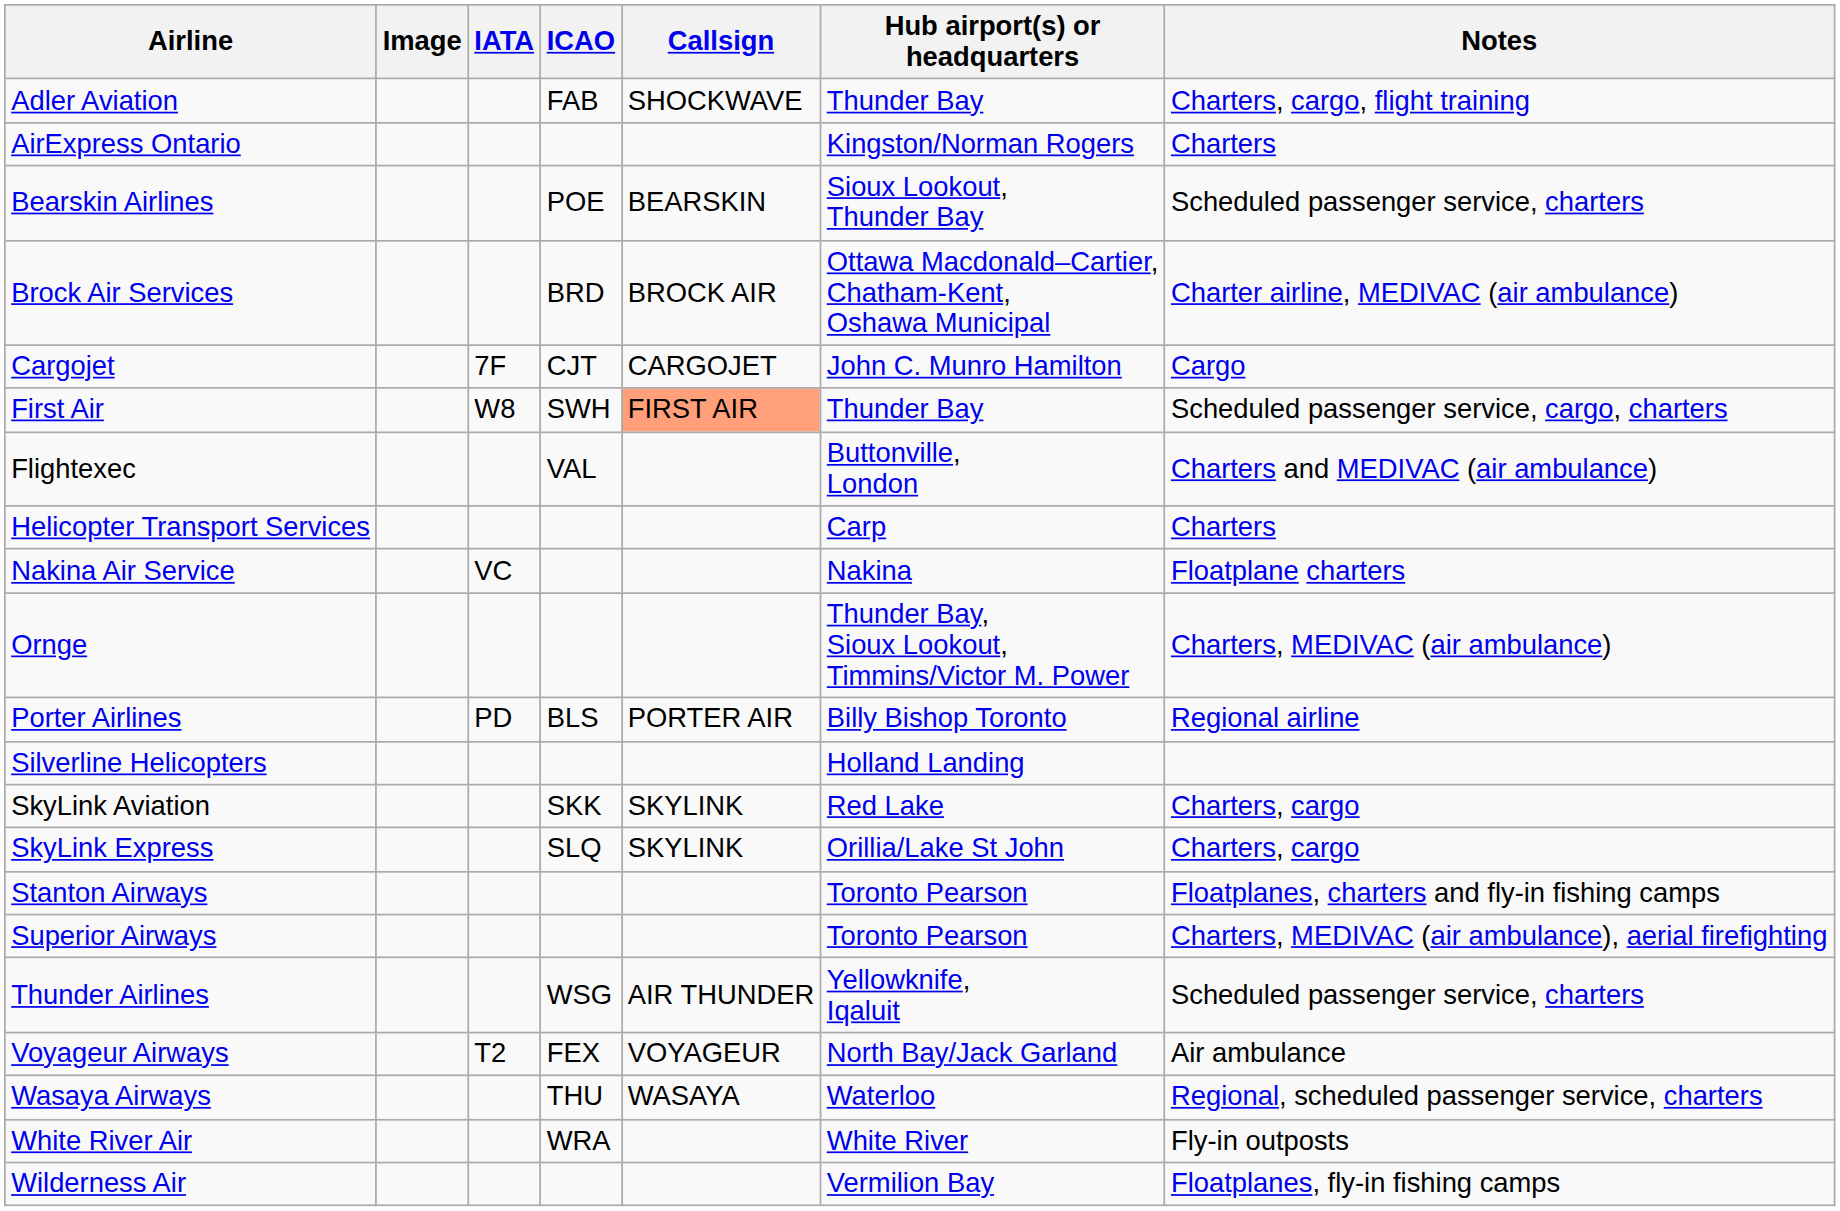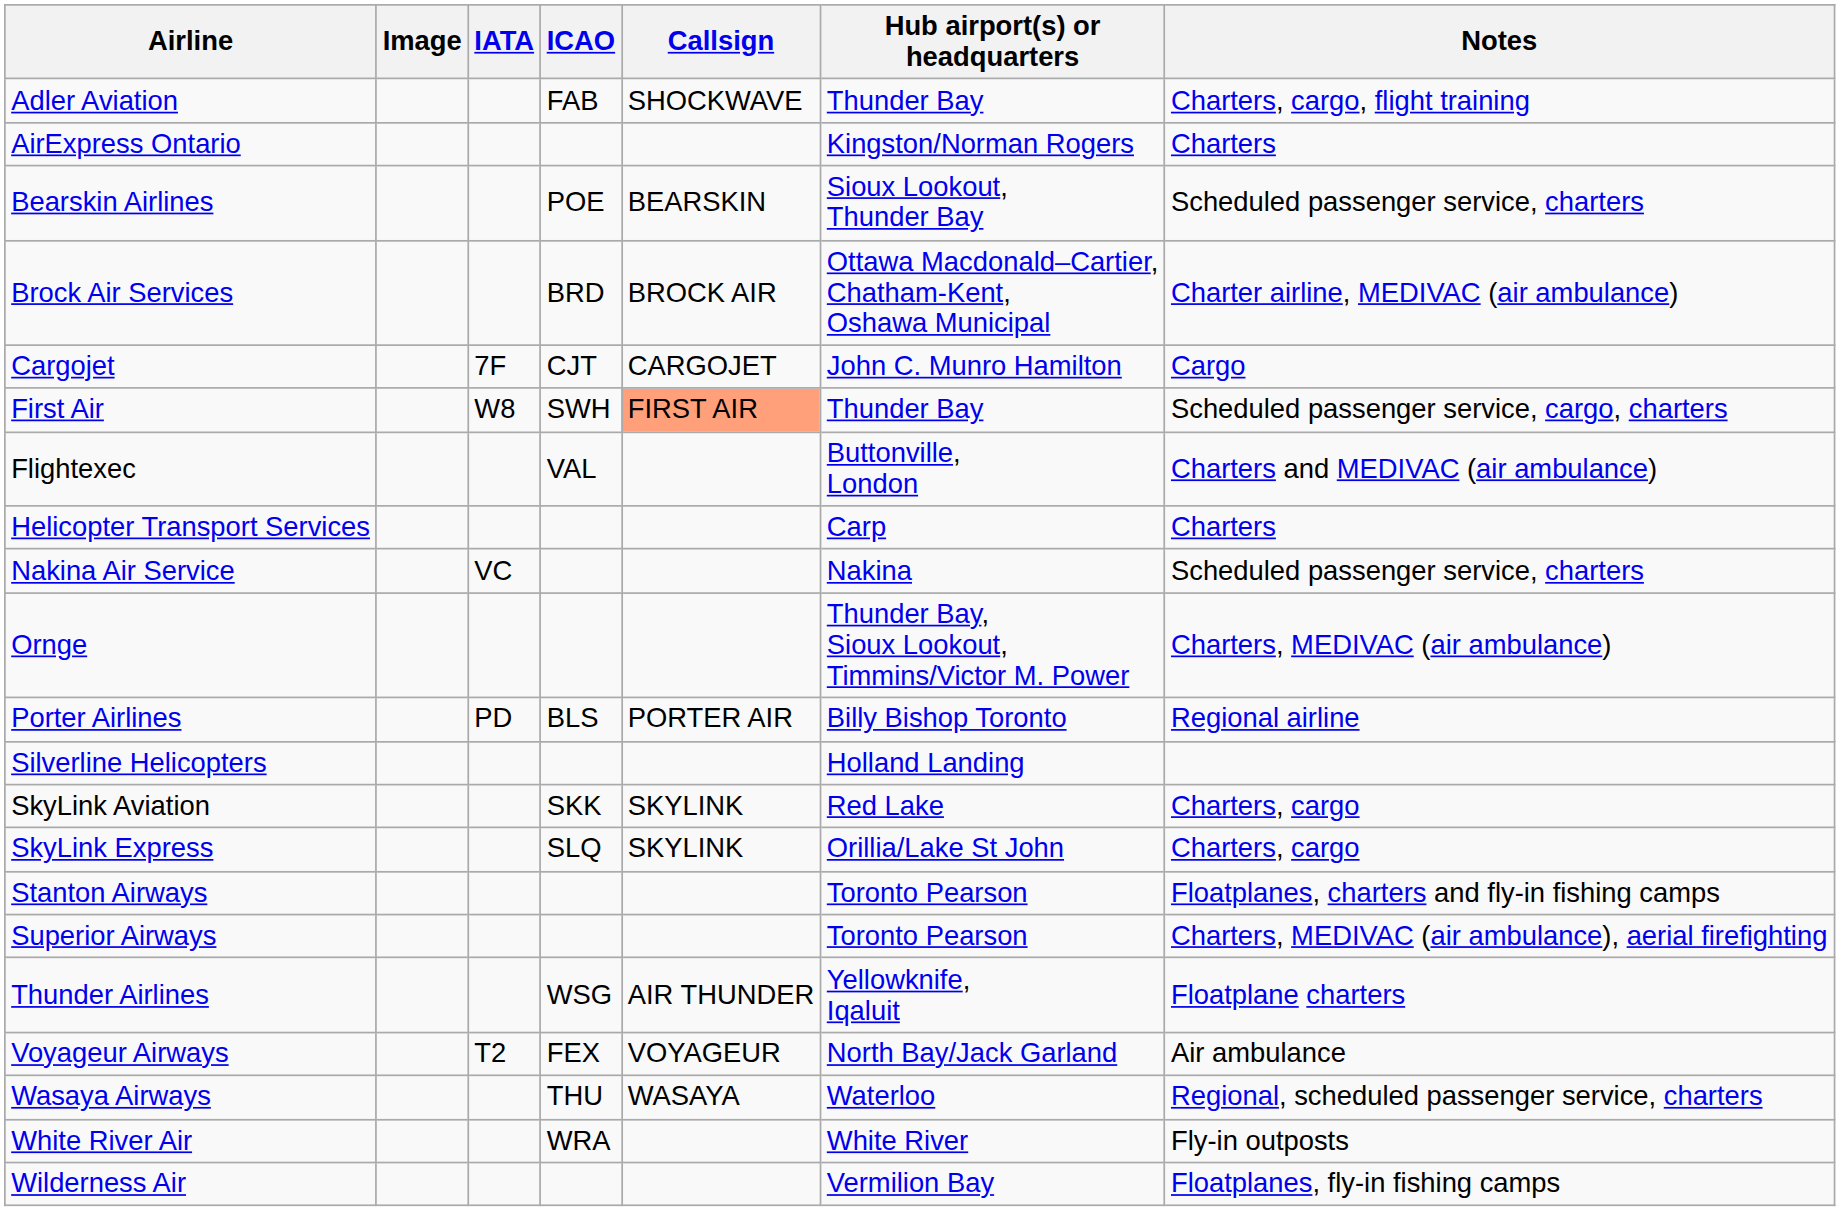 <table class="wikitable sortable" style="border: 0; cellpadding: 2; cellspacing: 3;">
 <tr style="vertical-align:middle;">
 <th>Airline</th>
 <th>Image</th>
 <th><a href='#'>IATA</a></th>
 <th><a href='#'>ICAO</a></th>
 <th><a href='#'>Callsign</a></th>
 <th>Hub airport(s) or<br>headquarters</th>
 <th class="unsortable">Notes</th>
 </tr>
 <tr>
 <td><a href='#'>Adler Aviation</a></td>
 <td></td>
 <td></td>
 <td>FAB</td>
 <td>SHOCKWAVE</td>
 <td><a href='#'>Thunder Bay</a></td>
 <td><a href='#'>Charters</a>, <a href='#'>cargo</a>, <a href='#'>flight training</a></td>
 </tr>
 <tr>
 <td><a href='#'>AirExpress Ontario</a></td>
 <td></td>
 <td></td>
 <td></td>
 <td></td>
 <td><a href='#'>Kingston/Norman Rogers</a></td>
 <td><a href='#'>Charters</a></td>
 </tr>
 <tr>
 <td><a href='#'>Bearskin Airlines</a></td>
 <td></td>
 <td></td>
 <td>POE</td>
 <td>BEARSKIN</td>
 <td><a href='#'>Sioux Lookout</a>,<br><a href='#'>Thunder Bay</a></td>
 <td>Scheduled passenger service, <a href='#'>charters</a></td>
 </tr>
 <tr>
 <td><a href='#'>Brock Air Services</a></td>
 <td></td>
 <td></td>
 <td>BRD</td>
 <td>BROCK AIR</td>
 <td><a href='#'>Ottawa Macdonald–Cartier</a>,<br><a href='#'>Chatham-Kent</a>,<br><a href='#'>Oshawa Municipal</a></td>
 <td><a href='#'>Charter airline</a>, <a href='#'>MEDIVAC</a> (<a href='#'>air ambulance</a>)</td>
 </tr>
 <tr>
 <td><a href='#'>Cargojet</a></td>
 <td></td>
 <td>7F</td>
 <td>CJT</td>
 <td>CARGOJET</td>
 <td><a href='#'>John C. Munro Hamilton</a></td>
 <td><a href='#'>Cargo</a></td>
 </tr>
 <tr>
 <td><a href='#'>First Air</a></td>
 <td></td>
 <td>W8</td>
 <td>SWH</td>
 <td style="background: lightsalmon;">FIRST AIR</td>
 <td><a href='#'>Thunder Bay</a></td>
 <td>Scheduled passenger service, <a href='#'>cargo</a>, <a href='#'>charters</a></td>
 </tr>
 <tr>
 <td>Flightexec</td>
 <td></td>
 <td></td>
 <td>VAL</td>
 <td></td>
 <td><a href='#'>Buttonville</a>,<br><a href='#'>London</a></td>
 <td><a href='#'>Charters</a> and <a href='#'>MEDIVAC</a> (<a href='#'>air ambulance</a>)</td>
 </tr>
 <tr>
 <td><a href='#'>Helicopter Transport Services</a></td>
 <td></td>
 <td></td>
 <td></td>
 <td></td>
 <td><a href='#'>Carp</a></td>
 <td><a href='#'>Charters</a></td>
 </tr>
 <tr>
 <td><a href='#'>Nakina Air Service</a></td>
 <td></td>
 <td>VC</td>
 <td></td>
 <td></td>
 <td><a href='#'>Nakina</a></td>
-<td><a href='#'>Floatplane</a> <a href='#'>charters</a></td>
+<td>Scheduled passenger service, <a href='#'>charters</a></td>
 </tr>
 <tr>
 <td><a href='#'>Ornge</a></td>
 <td></td>
 <td></td>
 <td></td>
 <td></td>
 <td><a href='#'>Thunder Bay</a>,<br><a href='#'>Sioux Lookout</a>,<br><a href='#'>Timmins/Victor M. Power</a></td>
 <td><a href='#'>Charters</a>, <a href='#'>MEDIVAC</a> (<a href='#'>air ambulance</a>)</td>
 </tr>
 <tr>
 <td><a href='#'>Porter Airlines</a></td>
 <td></td>
 <td>PD</td>
 <td>BLS</td>
 <td>PORTER AIR</td>
 <td><a href='#'>Billy Bishop Toronto</a></td>
 <td><a href='#'>Regional airline</a></td>
 </tr>
 <tr>
 <td><a href='#'>Silverline Helicopters</a></td>
 <td></td>
 <td></td>
 <td></td>
 <td></td>
 <td><a href='#'>Holland Landing</a></td>
 <td></td>
 </tr>
 <tr>
 <td>SkyLink Aviation</td>
 <td></td>
 <td></td>
 <td>SKK</td>
 <td>SKYLINK</td>
 <td><a href='#'>Red Lake</a></td>
 <td><a href='#'>Charters</a>, <a href='#'>cargo</a></td>
 </tr>
 <tr>
 <td><a href='#'>SkyLink Express</a></td>
 <td></td>
 <td></td>
 <td>SLQ</td>
 <td>SKYLINK</td>
 <td><a href='#'>Orillia/Lake St John</a></td>
 <td><a href='#'>Charters</a>, <a href='#'>cargo</a></td>
 </tr>
 <tr>
 <td><a href='#'>Stanton Airways</a></td>
 <td></td>
 <td></td>
 <td></td>
 <td></td>
 <td><a href='#'>Toronto Pearson</a></td>
 <td><a href='#'>Floatplanes</a>, <a href='#'>charters</a> and fly-in fishing camps</td>
 </tr>
 <tr>
 <td><a href='#'>Superior Airways</a></td>
 <td></td>
 <td></td>
 <td></td>
 <td></td>
 <td><a href='#'>Toronto Pearson</a></td>
 <td><a href='#'>Charters</a>, <a href='#'>MEDIVAC</a> (<a href='#'>air ambulance</a>), <a href='#'>aerial firefighting</a></td>
 </tr>
 <tr>
 <td><a href='#'>Thunder Airlines</a></td>
 <td></td>
 <td></td>
 <td>WSG</td>
 <td>AIR THUNDER</td>
 <td><a href='#'>Yellowknife</a>,<br><a href='#'>Iqaluit</a></td>
-<td>Scheduled passenger service, <a href='#'>charters</a></td>
+<td><a href='#'>Floatplane</a> <a href='#'>charters</a></td>
 </tr>
 <tr>
 <td><a href='#'>Voyageur Airways</a></td>
 <td></td>
 <td>T2</td>
 <td>FEX</td>
 <td>VOYAGEUR</td>
 <td><a href='#'>North Bay/Jack Garland</a></td>
 <td>Air ambulance</td>
 </tr>
 <tr>
 <td><a href='#'>Wasaya Airways</a></td>
 <td></td>
 <td></td>
 <td>THU</td>
 <td>WASAYA</td>
 <td><a href='#'>Waterloo</a></td>
 <td><a href='#'>Regional</a>, scheduled passenger service, <a href='#'>charters</a></td>
 </tr>
 <tr>
 <td><a href='#'>White River Air</a></td>
 <td></td>
 <td></td>
 <td>WRA</td>
 <td></td>
 <td><a href='#'>White River</a></td>
 <td>Fly-in outposts</td>
 </tr>
 <tr>
 <td><a href='#'>Wilderness Air</a></td>
 <td></td>
 <td></td>
 <td></td>
 <td></td>
 <td><a href='#'>Vermilion Bay</a></td>
 <td><a href='#'>Floatplanes</a>, fly-in fishing camps</td>
 </tr>
 </table>
